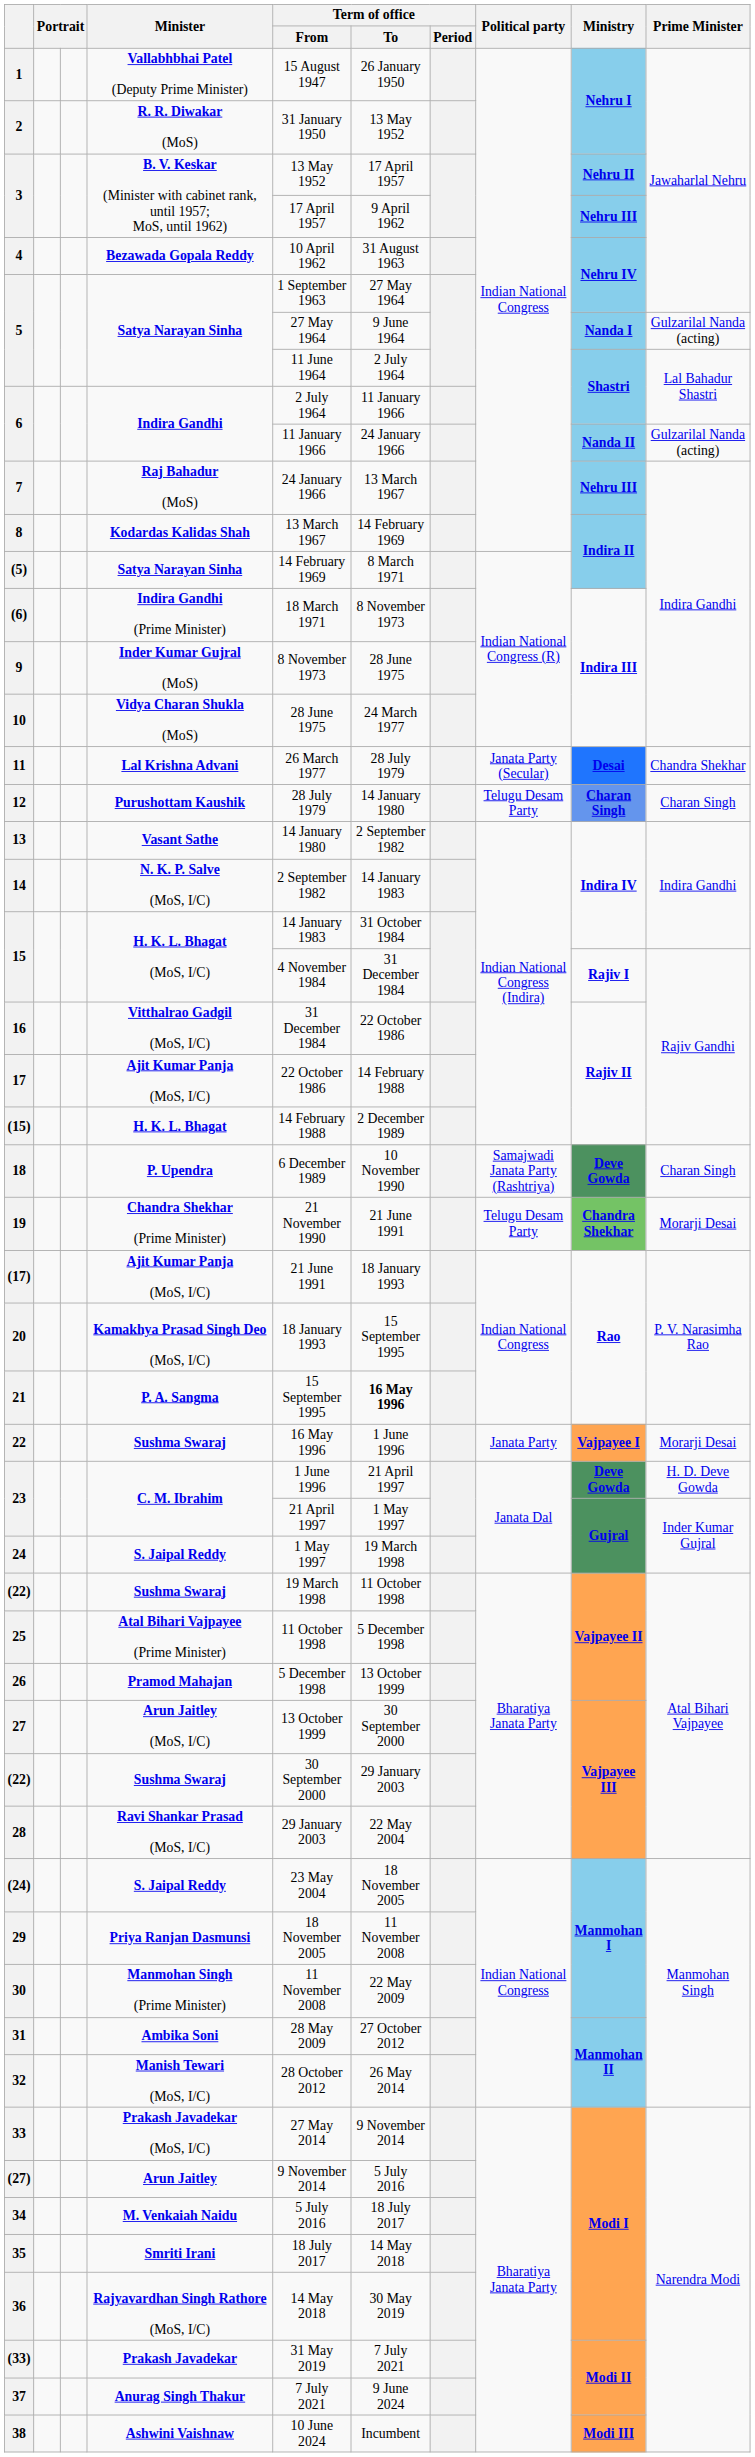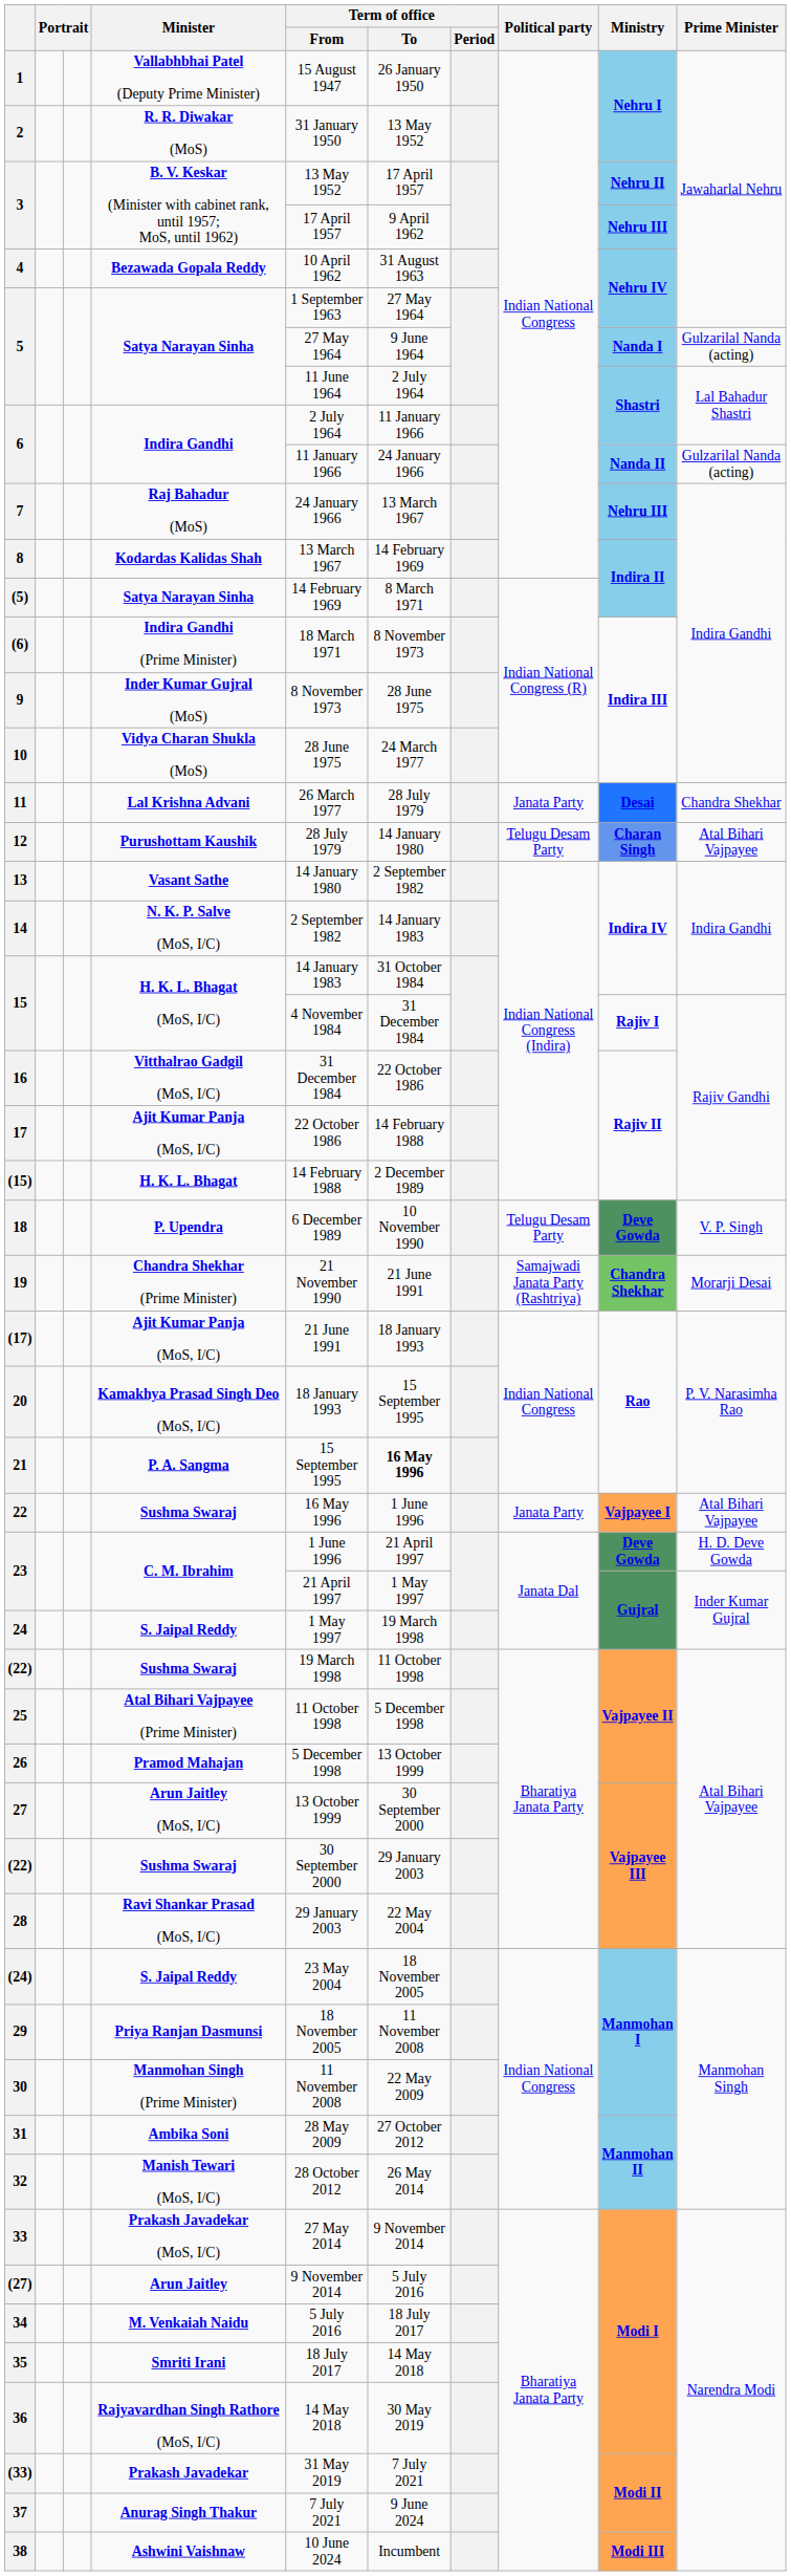 <table class="wikitable" style="text-align:center">
 <tr>
 <th rowspan="2"></th>
 <th rowspan="2" colspan="2">Portrait</th>
 <th rowspan="2" style="width:18em">Minister<br></th>
 <th colspan="3">Term of office</th>
 <th rowspan="2" style="width:8em">Political party</th>
 <th rowspan="2">Ministry</th>
 <th rowspan="2" style="width:9em">Prime Minister</th>
 </tr>
 <tr>
 <th style="width:6em">From</th>
 <th style="width:6em">To</th>
 <th>Period</th>
 </tr>
 <tr>
 <th>1</th>
 <td></td>
 <td></td>
 <td><strong><a href='#'>Vallabhbhai Patel</a></strong><br><br>(Deputy Prime Minister)</td>
 <td>15 August<br>1947</td>
 <td>26 January<br>1950</td>
 <th></th>
 <td rowspan="12"><a href='#'>Indian National Congress</a></td>
 <td rowspan="2" bgcolor="#87CEEB"><strong><a href='#'>Nehru I</a></strong></td>
 <td rowspan="6"><a href='#'>Jawaharlal Nehru</a></td>
 </tr>
 <tr>
 <th>2</th>
 <td></td>
 <td></td>
 <td><strong><a href='#'>R. R. Diwakar</a></strong><br><br>(MoS)</td>
 <td>31 January<br>1950</td>
 <td>13 May<br>1952</td>
 <th></th>
 </tr>
 <tr>
 <th rowspan="2">3</th>
 <td rowspan="2"></td>
 <td rowspan="2"></td>
 <td rowspan="2"><strong><a href='#'>B. V. Keskar</a></strong><br><br>(Minister with cabinet rank, until 1957;<br>MoS, until 1962)</td>
 <td>13 May<br>1952</td>
 <td>17 April<br>1957</td>
 <th rowspan="2"></th>
 <td bgcolor="#87CEEB"><strong><a href='#'>Nehru II</a></strong></td>
 </tr>
 <tr>
 <td>17 April<br>1957</td>
 <td>9 April<br>1962</td>
 <td bgcolor="#87CEEB"><strong><a href='#'>Nehru III</a></strong></td>
 </tr>
 <tr>
 <th>4</th>
 <td></td>
 <td></td>
 <td><strong><a href='#'>Bezawada Gopala Reddy</a></strong><br></td>
 <td>10 April<br>1962</td>
 <td>31 August<br>1963</td>
 <th></th>
 <td rowspan="2" bgcolor="#87CEEB"><strong><a href='#'>Nehru IV</a></strong></td>
 </tr>
 <tr>
 <th rowspan="3">5</th>
 <td rowspan="3"></td>
 <td rowspan="3"></td>
 <td rowspan="3"><strong><a href='#'>Satya Narayan Sinha</a></strong><br></td>
 <td>1 September<br>1963</td>
 <td>27 May<br>1964</td>
 <th rowspan="3"></th>
 </tr>
 <tr>
 <td>27 May<br>1964</td>
 <td>9 June<br>1964</td>
 <td bgcolor="#87CEEB"><strong><a href='#'>Nanda I</a></strong></td>
 <td><a href='#'>Gulzarilal Nanda</a><br>(acting)</td>
 </tr>
 <tr>
 <td>11 June<br>1964</td>
 <td>2 July<br>1964</td>
 <td rowspan="2" bgcolor="#87CEEB"><strong><a href='#'>Shastri</a></strong></td>
 <td rowspan="2"><a href='#'>Lal Bahadur Shastri</a></td>
 </tr>
 <tr>
 <th rowspan="2">6</th>
 <td rowspan="2"></td>
 <td rowspan="2"></td>
 <td rowspan="2"><strong><a href='#'>Indira Gandhi</a></strong><br></td>
 <td>2 July<br>1964</td>
 <td>11 January<br>1966</td>
 <th></th>
 </tr>
 <tr>
 <td>11 January<br>1966</td>
 <td>24 January<br>1966</td>
 <th></th>
 <td bgcolor="#87CEEB"><strong><a href='#'>Nanda II</a></strong></td>
 <td><a href='#'>Gulzarilal Nanda</a><br>(acting)</td>
 </tr>
 <tr>
 <th>7</th>
 <td></td>
 <td></td>
 <td><strong><a href='#'>Raj Bahadur</a></strong><br><br>(MoS)</td>
 <td>24 January<br>1966</td>
 <td>13 March<br>1967</td>
 <th></th>
 <td bgcolor="#87CEEB"><strong><a href='#'>Nehru III</a></strong></td>
 <td rowspan="6"><a href='#'>Indira Gandhi</a></td>
 </tr>
 <tr>
 <th>8</th>
 <td></td>
 <td></td>
 <td><strong><a href='#'>Kodardas Kalidas Shah</a></strong><br></td>
 <td>13 March<br>1967</td>
 <td>14 February<br>1969</td>
 <th></th>
 <td rowspan="2" bgcolor="#87CEEB"><strong><a href='#'>Indira II</a></strong></td>
 </tr>
 <tr>
 <th>(5)</th>
 <td></td>
 <td></td>
 <td><strong><a href='#'>Satya Narayan Sinha</a></strong><br></td>
 <td>14 February<br>1969</td>
 <td>8 March<br>1971</td>
 <th></th>
 <td rowspan="4"><a href='#'>Indian National Congress (R)</a></td>
 </tr>
 <tr>
 <th>(6)</th>
 <td></td>
 <td></td>
 <td><strong><a href='#'>Indira Gandhi</a></strong><br><br>(Prime Minister)</td>
 <td>18 March<br>1971</td>
 <td>8 November<br>1973</td>
 <th></th>
 <td rowspan="3"><strong><a href='#'>Indira III</a></strong></td>
 </tr>
 <tr>
 <th>9</th>
 <td></td>
 <td></td>
 <td><strong><a href='#'>Inder Kumar Gujral</a></strong><br><br>(MoS)</td>
 <td>8 November<br>1973</td>
 <td>28 June<br>1975</td>
 <th></th>
 </tr>
 <tr>
 <th>10</th>
 <td></td>
 <td></td>
 <td><strong><a href='#'>Vidya Charan Shukla</a></strong><br><br>(MoS)</td>
 <td>28 June<br>1975</td>
 <td>24 March<br>1977</td>
 <th></th>
 </tr>
 <tr>
 <th>11</th>
 <td></td>
 <td></td>
 <td><strong><a href='#'>Lal Krishna Advani</a></strong><br></td>
 <td>26 March<br>1977</td>
 <td>28 July<br>1979</td>
 <th></th>
-<td><a href='#'>Janata Party (Secular)</a></td>
+<td><a href='#'>Janata Party</a></td>
 <td bgcolor="#1F75FE"><strong><a href='#'>Desai</a></strong></td>
 <td><a href='#'>Chandra Shekhar</a></td>
 </tr>
 <tr>
 <th>12</th>
 <td></td>
 <td></td>
 <td><strong><a href='#'>Purushottam Kaushik</a></strong><br></td>
 <td>28 July<br>1979</td>
 <td>14 January<br>1980</td>
 <th></th>
 <td><a href='#'>Telugu Desam Party</a></td>
 <td bgcolor="#6495ED"><strong><a href='#'>Charan Singh</a></strong></td>
-<td><a href='#'>Charan Singh</a></td>
+<td><a href='#'>Atal Bihari Vajpayee</a></td>
 </tr>
 <tr>
 <th>13</th>
 <td></td>
 <td></td>
 <td><strong><a href='#'>Vasant Sathe</a></strong><br></td>
 <td>14 January<br>1980</td>
 <td>2 September<br>1982</td>
 <th></th>
 <td rowspan="7"><a href='#'>Indian National Congress (Indira)</a></td>
 <td rowspan="3"><strong><a href='#'>Indira IV</a></strong></td>
 <td rowspan="3"><a href='#'>Indira Gandhi</a></td>
 </tr>
 <tr>
 <th>14</th>
 <td></td>
 <td></td>
 <td><strong><a href='#'>N. K. P. Salve</a></strong><br><br>(MoS, I/C)</td>
 <td>2 September<br>1982</td>
 <td>14 January<br>1983</td>
 <th></th>
 </tr>
 <tr>
 <th rowspan="2">15</th>
 <td rowspan="2"></td>
 <td rowspan="2"></td>
 <td rowspan="2"><strong><a href='#'>H. K. L. Bhagat</a></strong><br><br>(MoS, I/C)</td>
 <td>14 January<br>1983</td>
 <td>31 October<br>1984</td>
 <th rowspan="2"></th>
 </tr>
 <tr>
 <td>4 November<br>1984</td>
 <td>31 December<br>1984</td>
 <td><strong><a href='#'>Rajiv I</a></strong></td>
 <td rowspan="4"><a href='#'>Rajiv Gandhi</a></td>
 </tr>
 <tr>
 <th>16</th>
 <td></td>
 <td></td>
 <td><strong><a href='#'>Vitthalrao Gadgil</a></strong><br><br>(MoS, I/C)</td>
 <td>31 December<br>1984</td>
 <td>22 October<br>1986</td>
 <th></th>
 <td rowspan="3"><strong><a href='#'>Rajiv II</a></strong></td>
 </tr>
 <tr>
 <th>17</th>
 <td></td>
 <td></td>
 <td><strong><a href='#'>Ajit Kumar Panja</a></strong><br><br>(MoS, I/C)</td>
 <td>22 October<br>1986</td>
 <td>14 February<br>1988</td>
 <th></th>
 </tr>
 <tr>
 <th>(15)</th>
 <td></td>
 <td></td>
 <td><strong><a href='#'>H. K. L. Bhagat</a></strong><br></td>
 <td>14 February<br>1988</td>
 <td>2 December<br>1989</td>
 <th></th>
 </tr>
 <tr>
 <th>18</th>
 <td></td>
 <td></td>
 <td><strong><a href='#'>P. Upendra</a></strong><br></td>
 <td>6 December<br>1989</td>
 <td>10 November<br>1990</td>
 <th></th>
-<td><a href='#'>Samajwadi Janata Party (Rashtriya)</a></td>
+<td><a href='#'>Telugu Desam Party</a></td>
 <td style="background:#4C915F"><strong><a href='#'>Deve Gowda</a></strong></td>
-<td><a href='#'>Charan Singh</a></td>
+<td><a href='#'>V. P. Singh</a></td>
 </tr>
 <tr>
 <th>19</th>
 <td></td>
 <td></td>
 <td><strong><a href='#'>Chandra Shekhar</a></strong><br><br>(Prime Minister)</td>
 <td>21 November<br>1990</td>
 <td>21 June<br>1991</td>
 <th></th>
-<td><a href='#'>Telugu Desam Party</a></td>
+<td><a href='#'>Samajwadi Janata Party (Rashtriya)</a></td>
 <td style="background:#74C365"><strong><a href='#'>Chandra Shekhar</a></strong></td>
 <td><a href='#'>Morarji Desai</a></td>
 </tr>
 <tr>
 <th>(17)</th>
 <td></td>
 <td></td>
 <td><strong><a href='#'>Ajit Kumar Panja</a></strong><br><br>(MoS, I/C)</td>
 <td>21 June<br>1991</td>
 <td>18 January<br>1993</td>
 <th></th>
 <td rowspan="3"><a href='#'>Indian National Congress</a></td>
 <td rowspan="3"><a href='#'><strong>Rao</strong></a></td>
 <td rowspan="3"><a href='#'>P. V. Narasimha Rao</a></td>
 </tr>
 <tr>
 <th>20</th>
 <td></td>
 <td></td>
 <td><br><strong><a href='#'>Kamakhya Prasad Singh Deo</a></strong> <br><br>(MoS, I/C)</td>
 <td>18 January<br>1993</td>
 <td>15 September<br>1995</td>
 <th></th>
 </tr>
 <tr>
 <th>21</th>
 <td></td>
 <td></td>
 <td><strong><a href='#'>P. A. Sangma</a></strong><br></td>
 <td>15 September<br>1995</td>
 <td><strong>16 May<br>1996</strong></td>
 <th></th>
 </tr>
 <tr>
 <th>22</th>
 <td></td>
 <td></td>
 <td><strong><a href='#'>Sushma Swaraj</a></strong><br></td>
 <td>16 May<br>1996</td>
 <td>1 June<br>1996</td>
 <th></th>
 <td><a href='#'>Janata Party</a></td>
 <td style="background:#FFA551;"><strong><a href='#'>Vajpayee I</a></strong></td>
-<td><a href='#'>Morarji Desai</a></td>
+<td><a href='#'>Atal Bihari Vajpayee</a></td>
 </tr>
 <tr>
 <th rowspan="2">23</th>
 <td rowspan="2" style="background:"></td>
 <td rowspan="2"></td>
 <td rowspan="2"><strong><a href='#'>C. M. Ibrahim</a></strong><br></td>
 <td>1 June<br>1996</td>
 <td>21 April<br>1997</td>
 <th rowspan="2"></th>
 <td rowspan="3"><a href='#'>Janata Dal</a></td>
 <td style="background:#4C915F"><strong><a href='#'>Deve Gowda</a></strong></td>
 <td><a href='#'>H. D. Deve Gowda</a></td>
 </tr>
 <tr>
 <td>21 April<br>1997</td>
 <td>1 May<br>1997</td>
 <td rowspan="2" style="background:#4C915F"><strong><a href='#'>Gujral</a></strong></td>
 <td rowspan="2"><a href='#'>Inder Kumar Gujral</a></td>
 </tr>
 <tr>
 <th>24</th>
 <td style="background:"></td>
 <td></td>
 <td><strong><a href='#'>S. Jaipal Reddy</a></strong><br></td>
 <td>1 May<br>1997</td>
 <td>19 March<br>1998</td>
 <th></th>
 </tr>
 <tr>
 <th>(22)</th>
 <td></td>
 <td></td>
 <td><strong><a href='#'>Sushma Swaraj</a></strong><br></td>
 <td>19 March<br>1998</td>
 <td>11 October<br>1998</td>
 <th></th>
 <td rowspan="6"><a href='#'>Bharatiya Janata Party</a></td>
 <td rowspan="3" style="background:#FFA551;"><strong><a href='#'>Vajpayee II</a></strong></td>
 <td rowspan="6"><a href='#'>Atal Bihari Vajpayee</a></td>
 </tr>
 <tr>
 <th>25</th>
 <td></td>
 <td></td>
 <td><strong><a href='#'>Atal Bihari Vajpayee</a></strong><br><br>(Prime Minister)</td>
 <td>11 October<br>1998</td>
 <td>5 December<br>1998</td>
 <th></th>
 </tr>
 <tr>
 <th>26</th>
 <td></td>
 <td></td>
 <td><strong><a href='#'>Pramod Mahajan</a></strong><br></td>
 <td>5 December<br>1998</td>
 <td>13 October<br>1999</td>
 <th></th>
 </tr>
 <tr>
 <th>27</th>
 <td></td>
 <td></td>
 <td><strong><a href='#'>Arun Jaitley</a></strong><br><br>(MoS, I/C)</td>
 <td>13 October<br>1999</td>
 <td>30 September<br>2000</td>
 <th></th>
 <td rowspan="3" style="background:#FFA551;"><strong><a href='#'>Vajpayee III</a></strong></td>
 </tr>
 <tr>
 <th>(22)</th>
 <td></td>
 <td></td>
 <td><strong><a href='#'>Sushma Swaraj</a></strong><br></td>
 <td>30 September<br>2000</td>
 <td>29 January<br>2003</td>
 <th></th>
 </tr>
 <tr>
 <th>28</th>
 <td></td>
 <td></td>
 <td><strong><a href='#'>Ravi Shankar Prasad</a></strong><br><br>(MoS, I/C)</td>
 <td>29 January<br>2003</td>
 <td>22 May<br>2004</td>
 <th></th>
 </tr>
 <tr>
 <th>(24)</th>
 <td></td>
 <td></td>
 <td><strong><a href='#'>S. Jaipal Reddy</a></strong><br></td>
 <td>23 May<br>2004</td>
 <td>18 November<br>2005</td>
 <th></th>
 <td rowspan="5"><a href='#'>Indian National Congress</a></td>
 <td rowspan="3" bgcolor="#87CEEB"><a href='#'><strong>Manmohan I</strong></a></td>
 <td rowspan="5"><a href='#'>Manmohan Singh</a></td>
 </tr>
 <tr>
 <th>29</th>
 <td></td>
 <td></td>
 <td><strong><a href='#'>Priya Ranjan Dasmunsi</a></strong><br></td>
 <td>18 November<br>2005</td>
 <td>11 November<br>2008</td>
 <th></th>
 </tr>
 <tr>
 <th>30</th>
 <td></td>
 <td></td>
 <td><strong><a href='#'>Manmohan Singh</a></strong><br><br>(Prime Minister)</td>
 <td>11 November<br>2008</td>
 <td>22 May<br>2009</td>
 <th></th>
 </tr>
 <tr>
 <th>31</th>
 <td></td>
 <td></td>
 <td><strong><a href='#'>Ambika Soni</a></strong><br></td>
 <td>28 May<br>2009</td>
 <td>27 October<br>2012</td>
 <th></th>
 <td rowspan="2" bgcolor="#87CEEB"><a href='#'><strong>Manmohan II</strong></a></td>
 </tr>
 <tr>
 <th>32</th>
 <td></td>
 <td></td>
 <td><strong><a href='#'>Manish Tewari</a></strong><br><br>(MoS, I/C)</td>
 <td>28 October<br>2012</td>
 <td>26 May<br>2014</td>
 <th></th>
 </tr>
 <tr>
 <th>33</th>
 <td></td>
 <td></td>
 <td><strong><a href='#'>Prakash Javadekar</a></strong><br><br>(MoS, I/C)</td>
 <td>27 May<br>2014</td>
 <td>9 November<br>2014</td>
 <th></th>
 <td rowspan="8"><a href='#'>Bharatiya Janata Party</a></td>
 <td rowspan="5" style="background:#FFA551;"><strong><a href='#'>Modi I</a></strong></td>
 <td rowspan="8"><a href='#'>Narendra Modi</a></td>
 </tr>
 <tr>
 <th>(27)</th>
 <td></td>
 <td></td>
 <td><strong><a href='#'>Arun Jaitley</a></strong><br></td>
 <td>9 November<br>2014</td>
 <td>5 July<br>2016</td>
 <th></th>
 </tr>
 <tr>
 <th>34</th>
 <td></td>
 <td></td>
 <td><strong><a href='#'>M. Venkaiah Naidu</a></strong><br></td>
 <td>5 July<br>2016</td>
 <td>18 July<br>2017</td>
 <th></th>
 </tr>
 <tr>
 <th>35</th>
 <td></td>
 <td></td>
 <td><strong><a href='#'>Smriti Irani</a></strong><br></td>
 <td>18 July<br>2017</td>
 <td>14 May<br>2018</td>
 <th></th>
 </tr>
 <tr>
 <th>36</th>
 <td></td>
 <td></td>
 <td><br><strong><a href='#'>Rajyavardhan Singh Rathore</a></strong> <br><br>(MoS, I/C)</td>
 <td>14 May<br>2018</td>
 <td>30 May<br>2019</td>
 <th></th>
 </tr>
 <tr>
 <th>(33)</th>
 <td></td>
 <td></td>
 <td><strong><a href='#'>Prakash Javadekar</a></strong><br></td>
 <td>31 May<br>2019</td>
 <td>7 July<br>2021</td>
 <th></th>
 <td rowspan="2" style="background:#FFA551;"><strong><a href='#'>Modi II</a></strong></td>
 </tr>
 <tr>
 <th>37</th>
 <td></td>
 <td></td>
 <td><strong><a href='#'>Anurag Singh Thakur</a></strong><br></td>
 <td>7 July<br>2021</td>
 <td>9 June<br>2024</td>
 <th></th>
 </tr>
 <tr>
 <th>38</th>
 <td></td>
 <td></td>
 <td><strong><a href='#'>Ashwini Vaishnaw</a></strong><br></td>
 <td>10 June 2024</td>
 <td>Incumbent</td>
 <th></th>
 <td rowspan="2" style="background:#FFA551;"><strong><a href='#'>Modi III</a></strong></td>
 </tr>
 </table>
